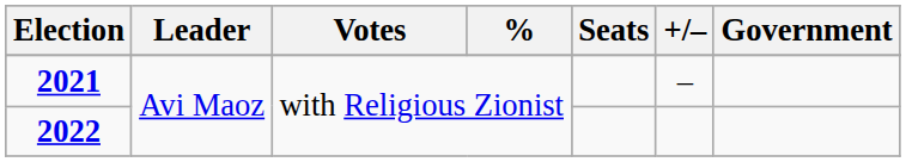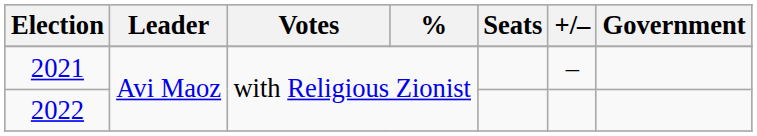 <table class=wikitable style=text-align:center>
 <tr>
 <th>Election</th>
 <th>Leader</th>
 <th>Votes</th>
 <th>%</th>
 <th>Seats</th>
 <th>+/–</th>
 <th>Government</th>
 </tr>
 <tr>
 </tr>
 <tr>
-<td><strong><a href='#'>2021</a></strong></td>
+<td><a href='#'>2021</a></td>
 <td rowspan=2><a href='#'>Avi Maoz</a></td>
 <td colspan=2 rowspan=2>with <a href='#'>Religious Zionist</a></td>
 <td></td>
 <td>–</td>
 <td></td>
 </tr>
 <tr>
-<td><strong><a href='#'>2022</a></strong></td>
+<td><a href='#'>2022</a></td>
 <td></td>
 <td></td>
 <td></td>
 </tr>
 </table>
